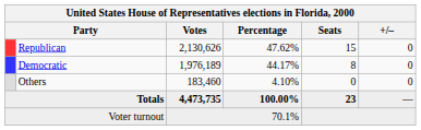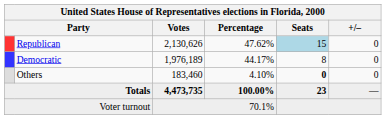 <table class="wikitable" style="font-size: 95%;">
 <tr>
 <th colspan="6">United States House of Representatives elections in Florida, 2000</th>
 </tr>
 <tr>
 <th colspan=2 style="width: 15em">Party</th>
 <th style="width: 5em">Votes</th>
 <th style="width: 7em">Percentage</th>
 <th style="width: 5em">Seats</th>
 <th style="width: 5em">+/–</th>
 </tr>
 <tr>
 <th style="background-color:#FF3333; width: 3px"></th>
 <td style="width: 130px"><a href='#'>Republican</a></td>
 <td align="right">2,130,626</td>
 <td align="right">47.62%</td>
-<td align="right">15</td>
+<td align="right" style="background: lightblue;">15</td>
 <td align="right">0</td>
 </tr>
 <tr>
 <th style="background-color:#3333FF; width: 3px"></th>
 <td style="width: 130px"><a href='#'>Democratic</a></td>
 <td align="right">1,976,189</td>
 <td align="right">44.17%</td>
 <td align="right">8</td>
 <td align="right">0</td>
 </tr>
 <tr>
 <th style="background-color:#DDDDDD; width: 3px"></th>
 <td style="width: 130px">Others</td>
 <td align="right">183,460</td>
 <td align="right">4.10%</td>
-<td align="right">0</td>
+<td align="right"><strong>0</strong></td>
 <td align="right">0</td>
 </tr>
 <tr bgcolor="#EEEEEE">
 <td colspan="2" align="right"><strong>Totals</strong></td>
 <td align="right"><strong>4,473,735</strong></td>
 <td align="right"><strong>100.00%</strong></td>
 <td align="right"><strong>23</strong></td>
 <td align="right"><strong>—</strong></td>
 </tr>
 <tr bgcolor="#EEEEEE">
 <td colspan="2" align="right">Voter turnout</td>
 <td colspan="2" align="right">70.1%</td>
 <td colspan="2" align="right"></td>
 </tr>
 </table>
